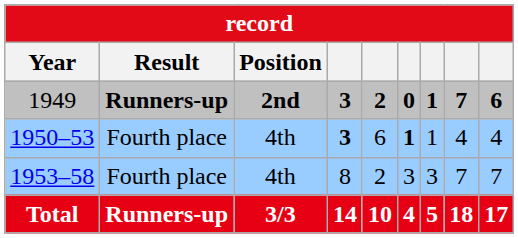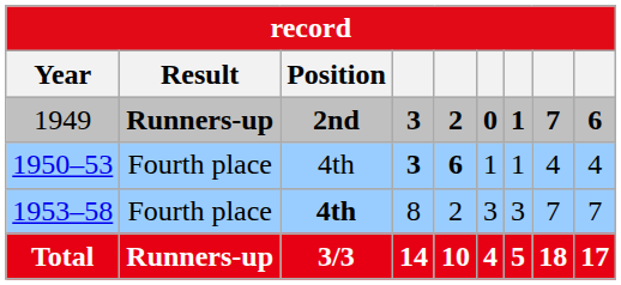 <table class="wikitable" style="text-align:center">
 <tr>
 <th style="width:50px;background:#E30A17;color:#FFFFFF" colspan=10><a href='#'></a> record</th>
 </tr>
 <tr>
 <th>Year</th>
 <th>Result</th>
 <th>Position</th>
 <th></th>
 <th></th>
 <th></th>
 <th></th>
 <th></th>
 <th></th>
 </tr>
 <tr bgcolor=Silver>
 <td> 1949</td>
 <td><strong>Runners-up</strong></td>
 <td><strong>2nd</strong></td>
 <td><strong>3</strong></td>
 <td><strong>2</strong></td>
 <td><strong>0</strong></td>
 <td><strong>1</strong></td>
 <td><strong>7</strong></td>
 <td><strong>6</strong></td>
 </tr>
 <tr bgcolor="#9acdff">
 <td><a href='#'>1950–53</a></td>
 <td>Fourth place</td>
 <td>4th</td>
 <td><strong>3</strong></td>
-<td>6</td>
-<td><strong>1</strong></td>
+<td><strong>6</strong></td>
+<td>1</td>
 <td>1</td>
 <td>4</td>
 <td>4</td>
 </tr>
 <tr bgcolor="#9acdff">
 <td><a href='#'>1953–58</a></td>
 <td>Fourth place</td>
-<td>4th</td>
+<td><strong>4th</strong></td>
 <td>8</td>
 <td>2</td>
 <td>3</td>
 <td>3</td>
 <td>7</td>
 <td>7</td>
 </tr>
 <tr>
 <th style="background:#E70013;color:#FFFFFF">Total</th>
 <th style="background:#E70013;color:#FFFFFF">Runners-up</th>
 <th style="background:#E70013;color:#FFFFFF">3/3</th>
 <th style="background:#E70013;color:#FFFFFF">14</th>
 <th style="background:#E70013;color:#FFFFFF">10</th>
 <th style="background:#E70013;color:#FFFFFF">4</th>
 <th style="background:#E70013;color:#FFFFFF">5</th>
 <th style="background:#E70013;color:#FFFFFF">18</th>
 <th style="background:#E70013;color:#FFFFFF">17</th>
 </tr>
 </table>
